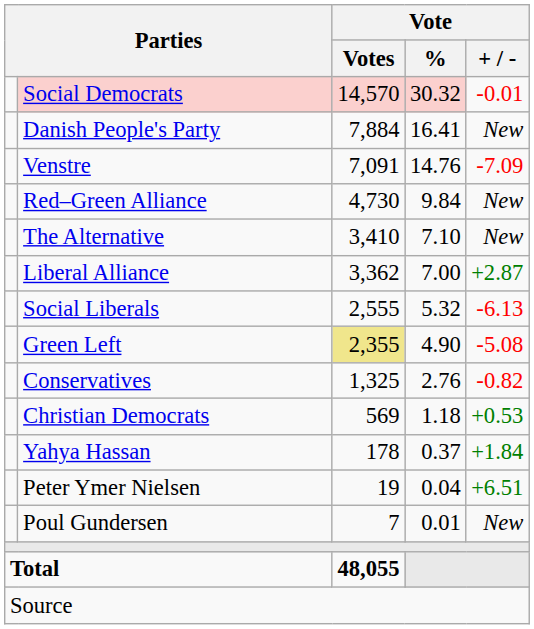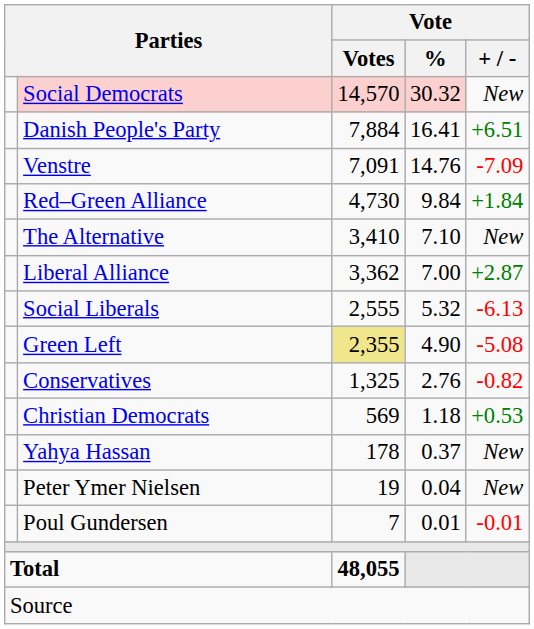 <table class="wikitable" style="text-align:right;">
 <tr>
 <th style="text-align:centre;" rowspan="2" colspan="2" width="225">Parties</th>
 <th colspan="3">Vote</th>
 </tr>
 <tr>
 <th width="15">Votes</th>
 <th width="15">%</th>
 <th width="15">+ / -</th>
 </tr>
 <tr>
 <td width="2" style="color:inherit;background:"></td>
 <td bgcolor=#fbd0ce  align="left"><a href='#'>Social Democrats</a></td>
 <td bgcolor=#fbd0ce>14,570</td>
 <td bgcolor=#fbd0ce>30.32</td>
-<td style=color:red;>-0.01</td>
+<td><em>New</em></td>
 </tr>
 <tr>
 <td width="2" style="color:inherit;background:"></td>
 <td align="left"><a href='#'>Danish People's Party</a></td>
 <td>7,884</td>
 <td>16.41</td>
-<td><em>New</em></td>
+<td style=color:green;>+6.51</td>
 </tr>
 <tr>
 <td width="2" style="color:inherit;background:"></td>
 <td align="left"><a href='#'>Venstre</a></td>
 <td>7,091</td>
 <td>14.76</td>
 <td style=color:red;>-7.09</td>
 </tr>
 <tr>
 <td width="2" style="color:inherit;background:"></td>
 <td align="left"><a href='#'>Red–Green Alliance</a></td>
 <td>4,730</td>
 <td>9.84</td>
-<td><em>New</em></td>
+<td style=color:green;>+1.84</td>
 </tr>
 <tr>
 <td width="2" style="color:inherit;background:"></td>
 <td align="left"><a href='#'>The Alternative</a></td>
 <td>3,410</td>
 <td>7.10</td>
 <td><em>New</em></td>
 </tr>
 <tr>
 <td width="2" style="color:inherit;background:"></td>
 <td align="left"><a href='#'>Liberal Alliance</a></td>
 <td>3,362</td>
 <td>7.00</td>
 <td style=color:green;>+2.87</td>
 </tr>
 <tr>
 <td width="2" style="color:inherit;background:"></td>
 <td align="left"><a href='#'>Social Liberals</a></td>
 <td>2,555</td>
 <td>5.32</td>
 <td style=color:red;>-6.13</td>
 </tr>
 <tr>
 <td width="2" style="color:inherit;background:"></td>
 <td align="left"><a href='#'>Green Left</a></td>
 <td style="background: khaki;">2,355</td>
 <td>4.90</td>
 <td style=color:red;>-5.08</td>
 </tr>
 <tr>
 <td width="2" style="color:inherit;background:"></td>
 <td align="left"><a href='#'>Conservatives</a></td>
 <td>1,325</td>
 <td>2.76</td>
 <td style=color:red;>-0.82</td>
 </tr>
 <tr>
 <td width="2" style="color:inherit;background:"></td>
 <td align="left"><a href='#'>Christian Democrats</a></td>
 <td>569</td>
 <td>1.18</td>
 <td style=color:green;>+0.53</td>
 </tr>
 <tr>
 <td width="2" style="color:inherit;background:"></td>
 <td align="left"><a href='#'>Yahya Hassan</a></td>
 <td>178</td>
 <td>0.37</td>
-<td style=color:green;>+1.84</td>
+<td><em>New</em></td>
 </tr>
 <tr>
 <td width="2" style="color:inherit;background:"></td>
 <td align="left">Peter Ymer Nielsen</td>
 <td>19</td>
 <td>0.04</td>
-<td style=color:green;>+6.51</td>
+<td><em>New</em></td>
 </tr>
 <tr>
 <td width="2" style="color:inherit;background:"></td>
 <td align="left">Poul Gundersen</td>
 <td>7</td>
 <td>0.01</td>
-<td><em>New</em></td>
+<td style=color:red;>-0.01</td>
 </tr>
 <tr>
 <td colspan="7" bgcolor="#E9E9E9"></td>
 </tr>
 <tr>
 <td align="left" colspan="2"><strong>Total</strong></td>
 <td><strong>48,055</strong></td>
 <td bgcolor="#E9E9E9" colspan="2"></td>
 </tr>
 <tr>
 <td align="left" colspan="6">Source</td>
 </tr>
 </table>
